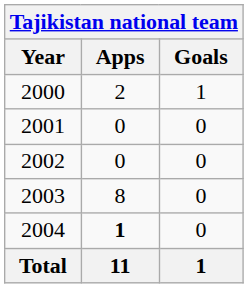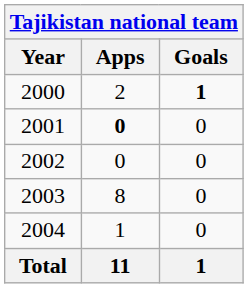 <table class="wikitable" style="text-align:center">
 <tr>
 <th colspan=3><a href='#'>Tajikistan national team</a></th>
 </tr>
 <tr>
 <th>Year</th>
 <th>Apps</th>
 <th>Goals</th>
 </tr>
 <tr>
 <td>2000</td>
 <td>2</td>
-<td>1</td>
+<td><strong>1</strong></td>
 </tr>
 <tr>
 <td>2001</td>
-<td>0</td>
+<td><strong>0</strong></td>
 <td>0</td>
 </tr>
 <tr>
 <td>2002</td>
 <td>0</td>
 <td>0</td>
 </tr>
 <tr>
 <td>2003</td>
 <td>8</td>
 <td>0</td>
 </tr>
 <tr>
 <td>2004</td>
-<td><strong>1</strong></td>
+<td>1</td>
 <td>0</td>
 </tr>
 <tr>
 <th>Total</th>
 <th>11</th>
 <th>1</th>
 </tr>
 </table>
